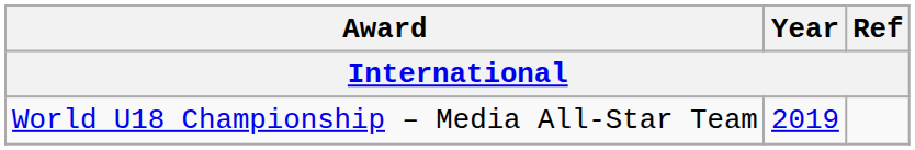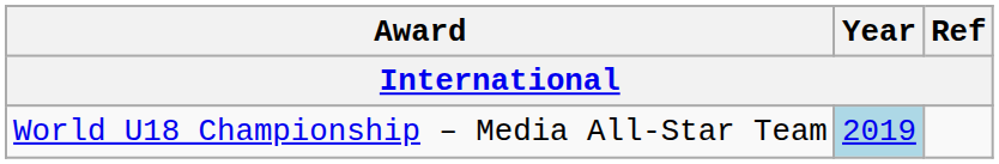 <table class="wikitable">
 <tr>
 <th>Award</th>
 <th>Year</th>
 <th>Ref</th>
 </tr>
 <tr>
 <th colspan="3"><a href='#'>International</a></th>
 </tr>
 <tr>
 <td><a href='#'>World U18 Championship</a> – Media All-Star Team</td>
-<td><a href='#'>2019</a></td>
+<td style="background: lightblue;"><a href='#'>2019</a></td>
 <td></td>
 </tr>
 </table>
